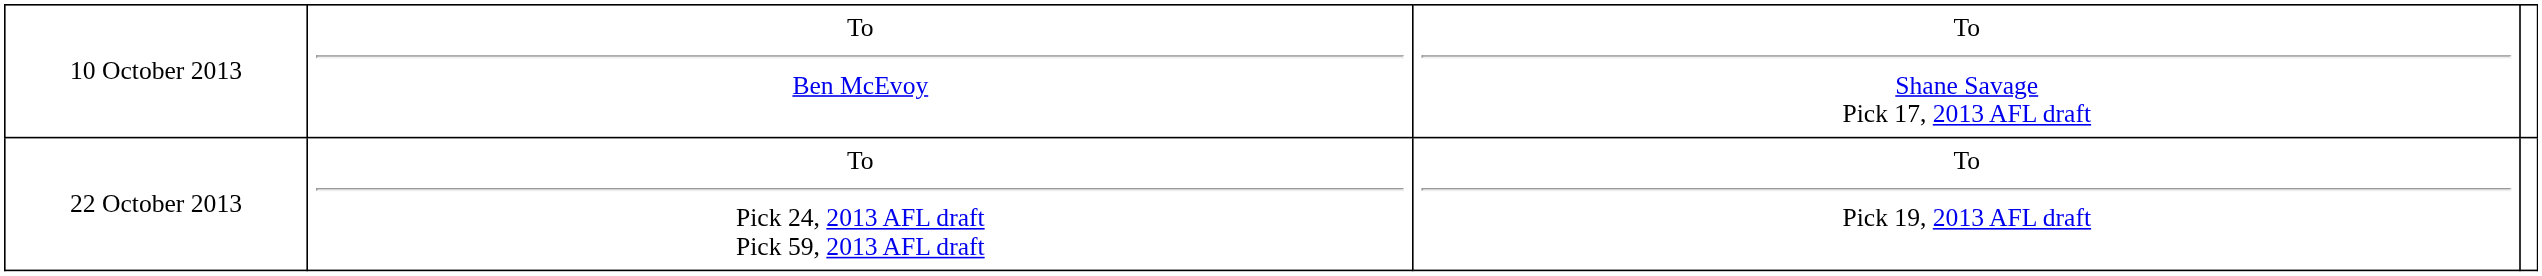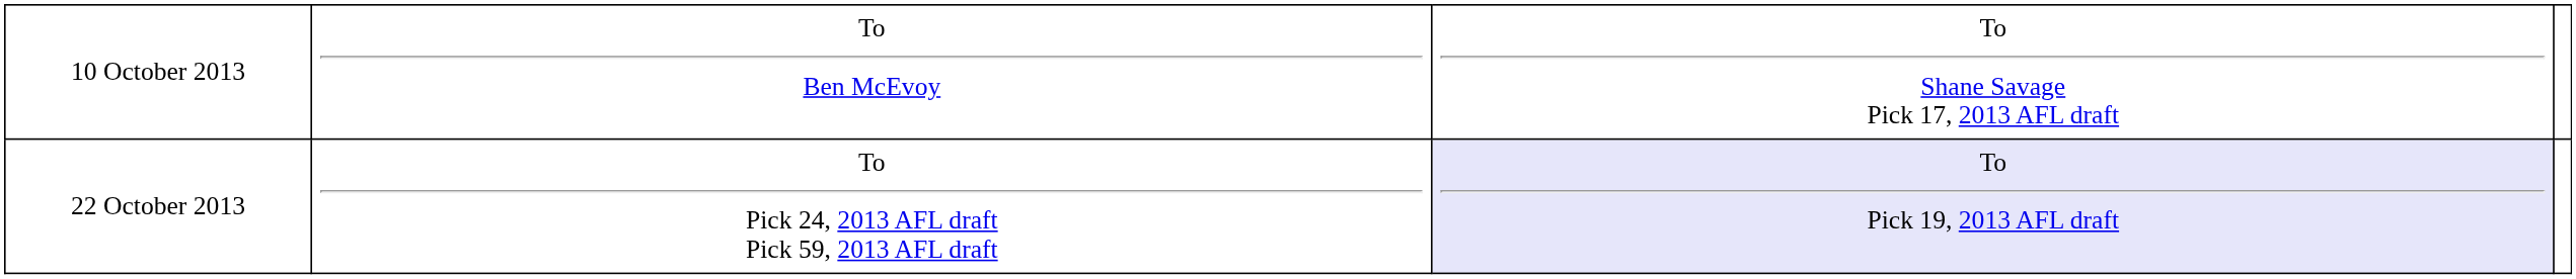 <table border=1 style="border-collapse:collapse; text-align: center; width: 100%" bordercolor="#000000"  cellpadding="5">
 <tr>
 <td style="width:12%">10 October 2013</td>
 <td style="width:44%; vertical-align:top;">To <strong></strong><hr><a href='#'>Ben McEvoy</a></td>
 <td style="width:44%; vertical-align:top;">To <strong></strong><hr><a href='#'>Shane Savage</a><br>Pick 17, <a href='#'>2013 AFL draft</a></td>
 <td></td>
 </tr>
 <tr>
 <td style="width:12%">22 October 2013</td>
 <td style="width:44%; vertical-align:top;">To <strong></strong><hr>Pick 24, <a href='#'>2013 AFL draft</a><br>Pick 59, <a href='#'>2013 AFL draft</a></td>
-<td style="width:44%; vertical-align:top;">To <strong></strong><hr>Pick 19, <a href='#'>2013 AFL draft</a></td>
+<td style="background: lavender; width:44%; vertical-align:top;">To <strong></strong><hr>Pick 19, <a href='#'>2013 AFL draft</a></td>
 <td></td>
 </tr>
 </table>
